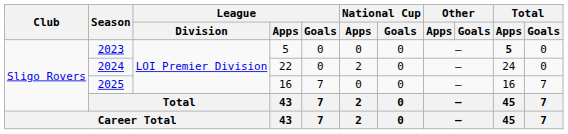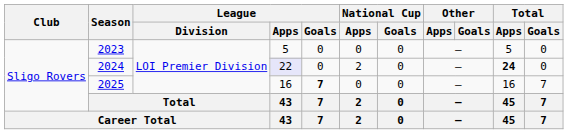 <table class=wikitable style="text-align: center">
 <tr>
 <th rowspan=2>Club</th>
 <th rowspan=2>Season</th>
 <th colspan=3>League</th>
 <th colspan=2>National Cup</th>
 <th colspan=2>Other</th>
 <th colspan=2>Total</th>
 </tr>
 <tr>
 <th>Division</th>
 <th>Apps</th>
 <th>Goals</th>
 <th>Apps</th>
 <th>Goals</th>
 <th>Apps</th>
 <th>Goals</th>
 <th>Apps</th>
 <th>Goals</th>
 </tr>
 <tr>
 <td rowspan="4"><a href='#'>Sligo Rovers</a></td>
 <td><a href='#'>2023</a></td>
 <td rowspan="3"><a href='#'>LOI Premier Division</a></td>
 <td>5</td>
 <td>0</td>
 <td>0</td>
 <td>0</td>
 <td colspan="2">—</td>
-<td><strong>5</strong></td>
+<td>5</td>
 <td>0</td>
 </tr>
 <tr>
 <td><a href='#'>2024</a></td>
-<td>22</td>
+<td style="background: lavender;">22</td>
 <td>0</td>
 <td>2</td>
 <td>0</td>
 <td colspan="2">—</td>
-<td>24</td>
+<td><strong>24</strong></td>
 <td>0</td>
 </tr>
 <tr>
 <td><a href='#'>2025</a></td>
 <td>16</td>
-<td>7</td>
+<td><strong>7</strong></td>
 <td>0</td>
 <td>0</td>
 <td colspan="2">—</td>
 <td>16</td>
 <td>7</td>
 </tr>
 <tr>
 <th colspan="2">Total</th>
 <th>43</th>
 <th>7</th>
 <th>2</th>
 <th>0</th>
 <th colspan="2">—</th>
 <th>45</th>
 <th>7</th>
 </tr>
 <tr>
 <th colspan="3">Career Total</th>
 <th>43</th>
 <th>7</th>
 <th>2</th>
 <th>0</th>
 <th colspan="2">—</th>
 <th>45</th>
 <th>7</th>
 </tr>
 </table>
